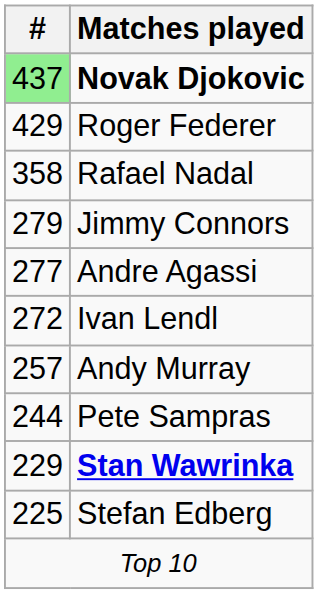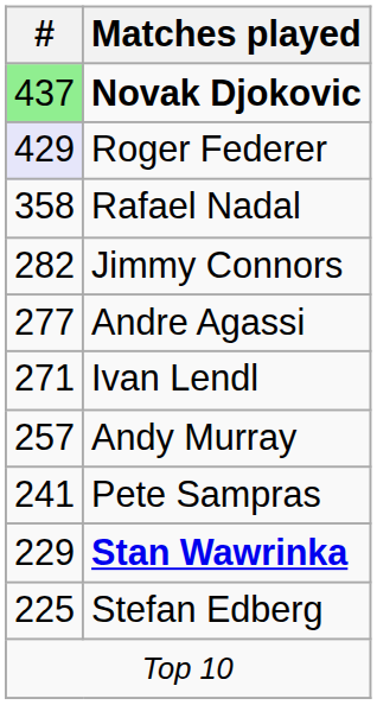 <table class="wikitable" style="display:inline-table;">
 <tr>
 <th>#</th>
 <th>Matches played</th>
 </tr>
 <tr>
 <td style="background: lightgreen;">437</td>
 <td> <strong>Novak Djokovic</strong></td>
 </tr>
 <tr>
-<td>429</td>
+<td style="background: lavender;">429</td>
 <td> Roger Federer</td>
 </tr>
 <tr>
 <td>358</td>
 <td> Rafael Nadal</td>
 </tr>
 <tr>
-<td>279</td>
+<td>282</td>
 <td> Jimmy Connors</td>
 </tr>
 <tr>
 <td>277</td>
 <td> Andre Agassi</td>
 </tr>
 <tr>
-<td>272</td>
+<td>271</td>
 <td> Ivan Lendl</td>
 </tr>
 <tr>
 <td>257</td>
 <td> Andy Murray</td>
 </tr>
 <tr>
-<td>244</td>
+<td>241</td>
 <td> Pete Sampras</td>
 </tr>
 <tr>
 <td>229</td>
 <td>  <strong><a href='#'>Stan Wawrinka</a></strong></td>
 </tr>
 <tr>
 <td>225</td>
 <td> Stefan Edberg</td>
 </tr>
 <tr>
 <td colspan="4" style="text-align: center;"><small><em>Top 10</em></small><br></td>
 </tr>
 </table>
